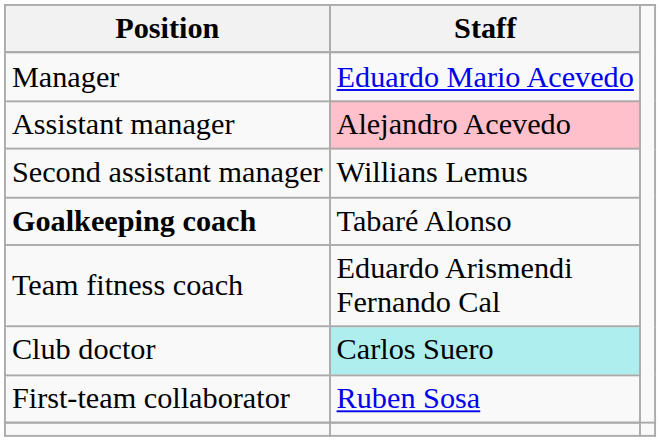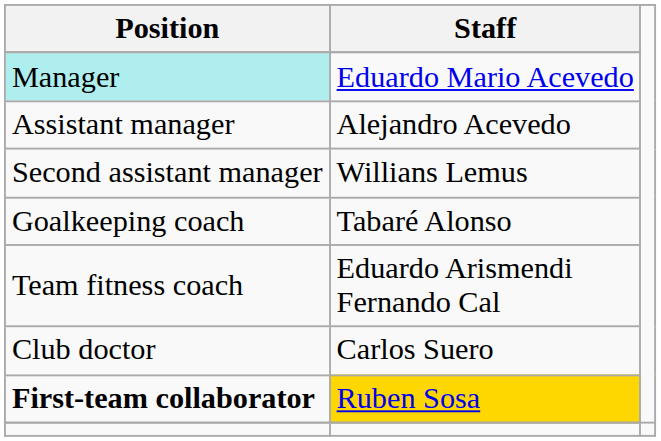 <table class="wikitable">
 <tr>
 <th>Position</th>
 <th>Staff</th>
 </tr>
 <tr>
 </tr>
 <tr>
-<td>Manager</td>
+<td style="background: paleturquoise;">Manager</td>
 <td> <a href='#'>Eduardo Mario Acevedo</a></td>
 </tr>
 <tr>
 <td>Assistant manager</td>
-<td style="background: pink;"> Alejandro Acevedo</td>
+<td> Alejandro Acevedo</td>
 </tr>
 <tr>
 <td>Second assistant manager</td>
 <td> Willians Lemus</td>
 </tr>
 <tr>
-<td><strong>Goalkeeping coach</strong></td>
+<td>Goalkeeping coach</td>
 <td> Tabaré Alonso</td>
 </tr>
 <tr>
 <td>Team fitness coach</td>
 <td> Eduardo Arismendi<br> Fernando Cal</td>
 </tr>
 <tr>
 <td>Club doctor</td>
-<td style="background: paleturquoise;"> Carlos Suero</td>
+<td> Carlos Suero</td>
 </tr>
 <tr>
-<td>First-team collaborator</td>
-<td> <a href='#'>Ruben Sosa</a></td>
+<td><strong>First-team collaborator</strong></td>
+<td style="background: gold;"> <a href='#'>Ruben Sosa</a></td>
 </tr>
 <tr>
 </tr>
 <tr>
 <td></td>
 <td></td>
 <td></td>
 </tr>
 </table>
